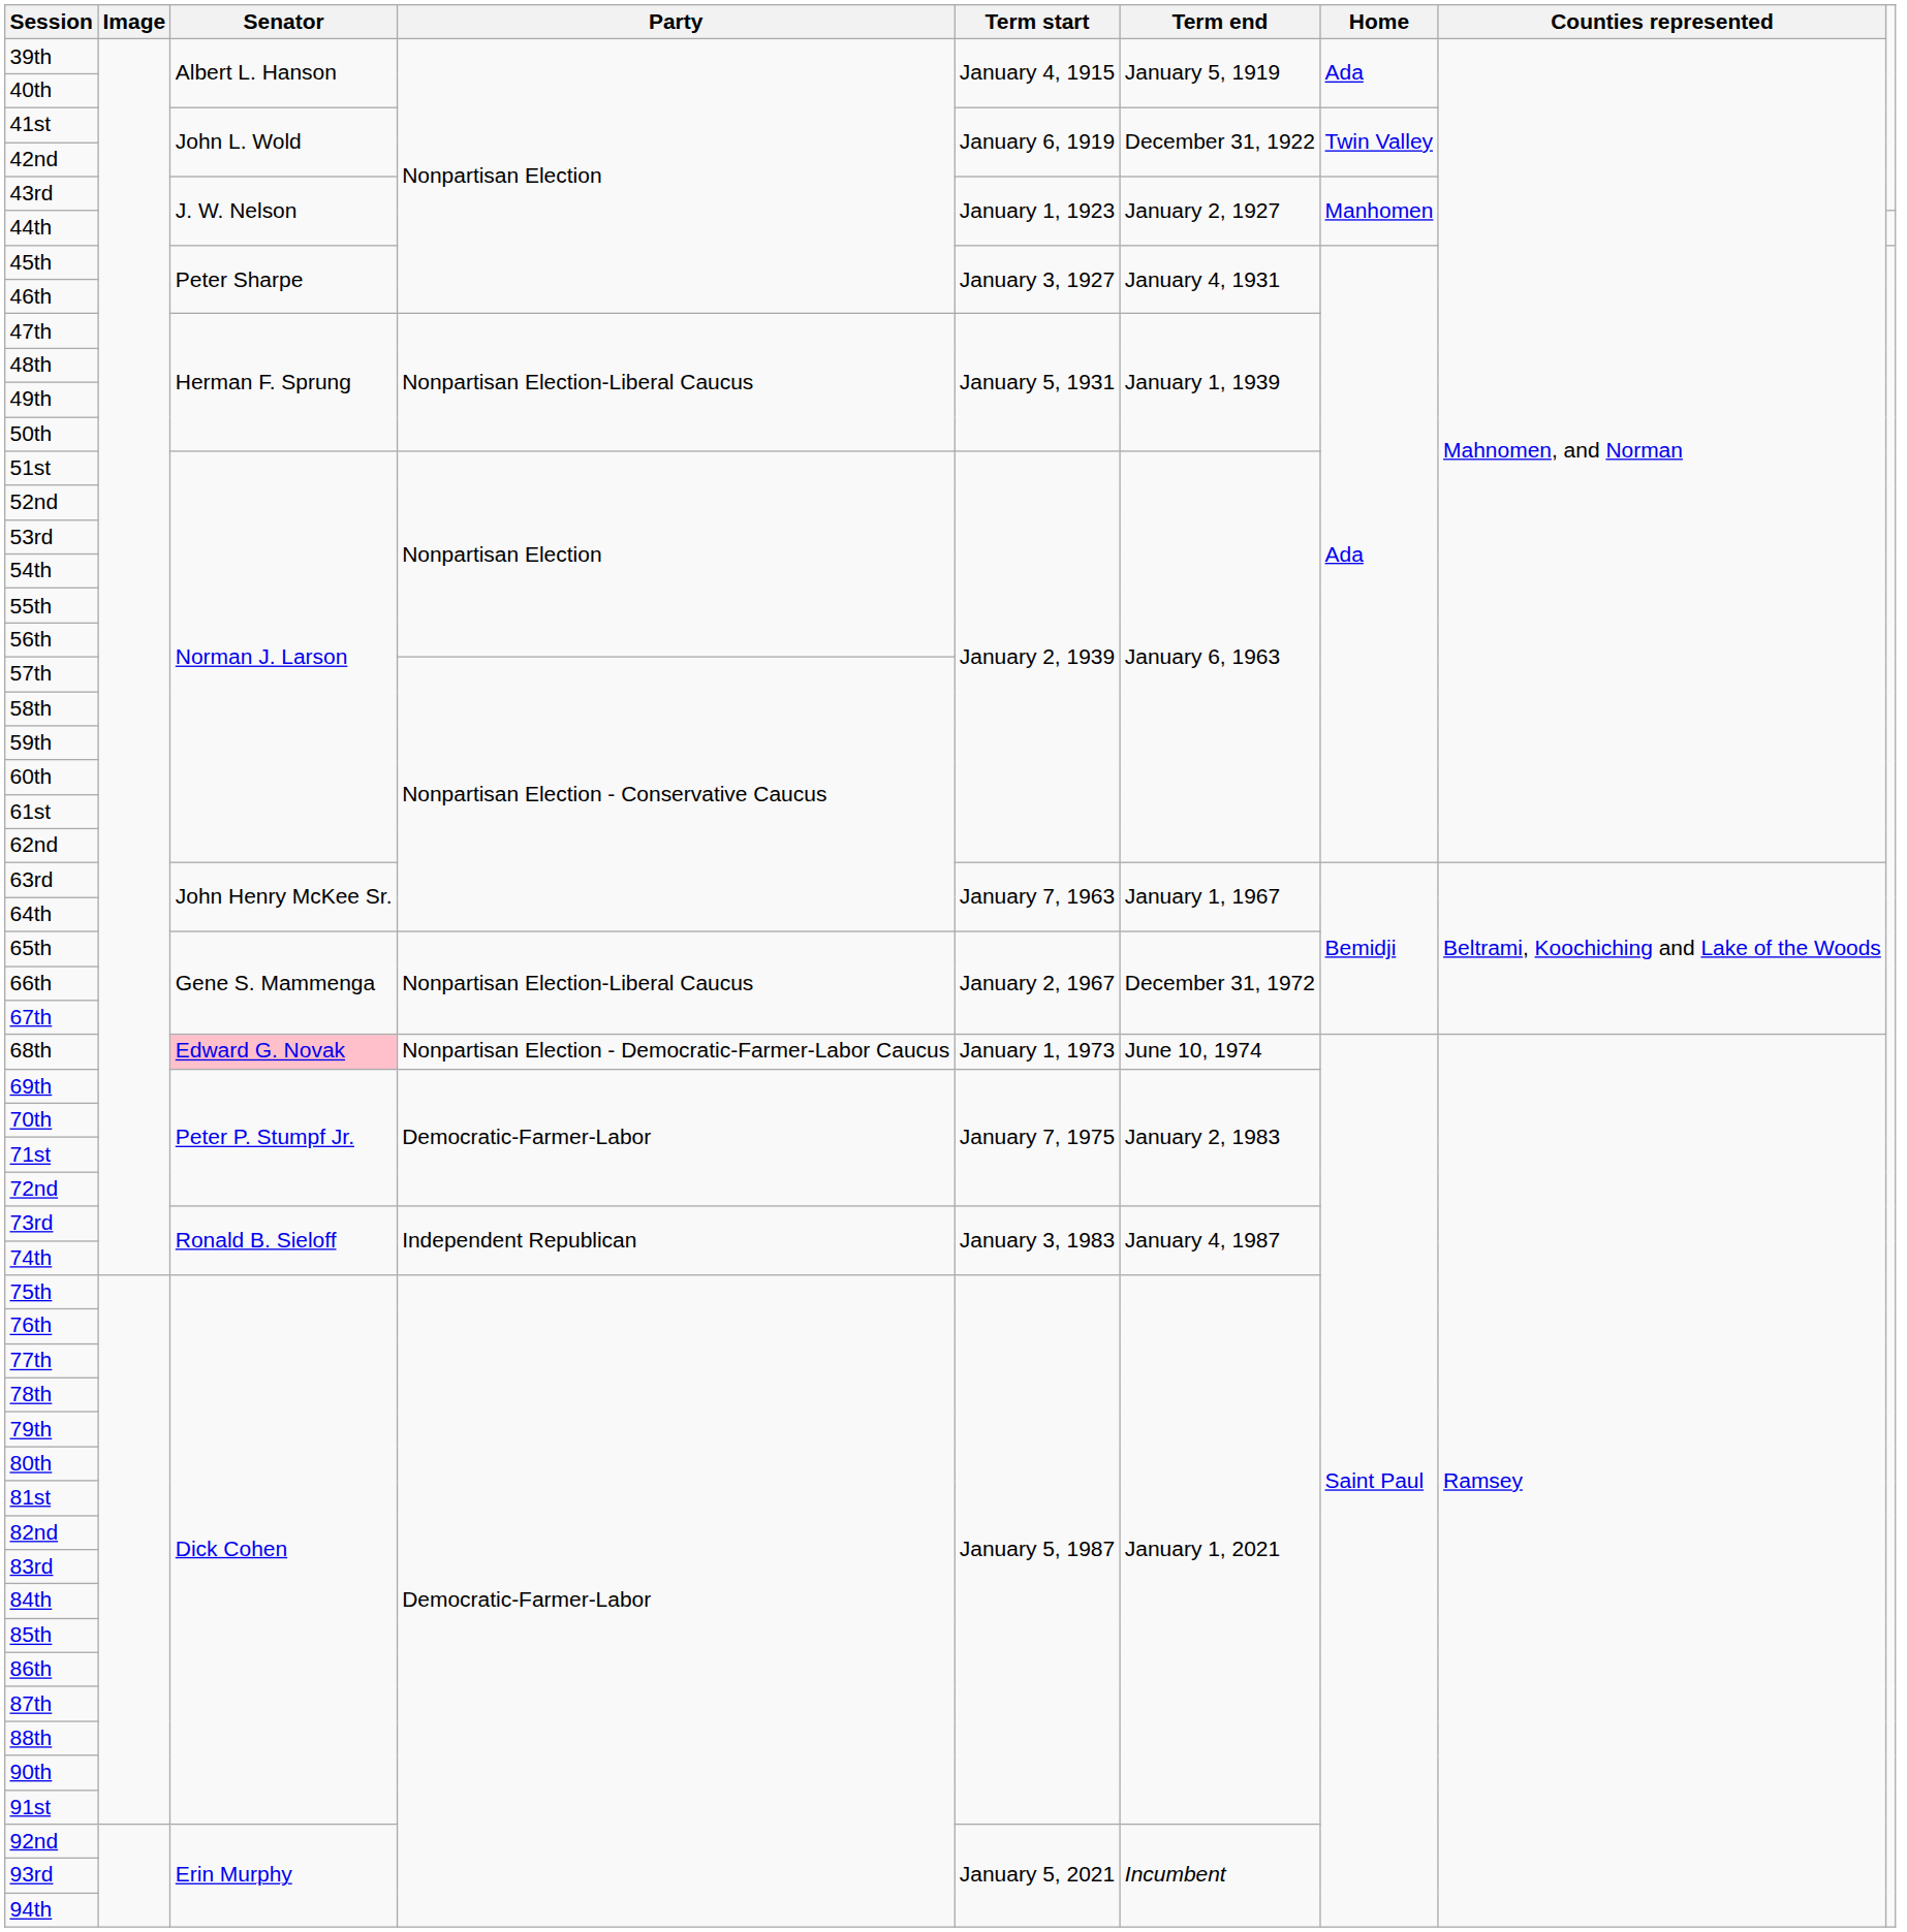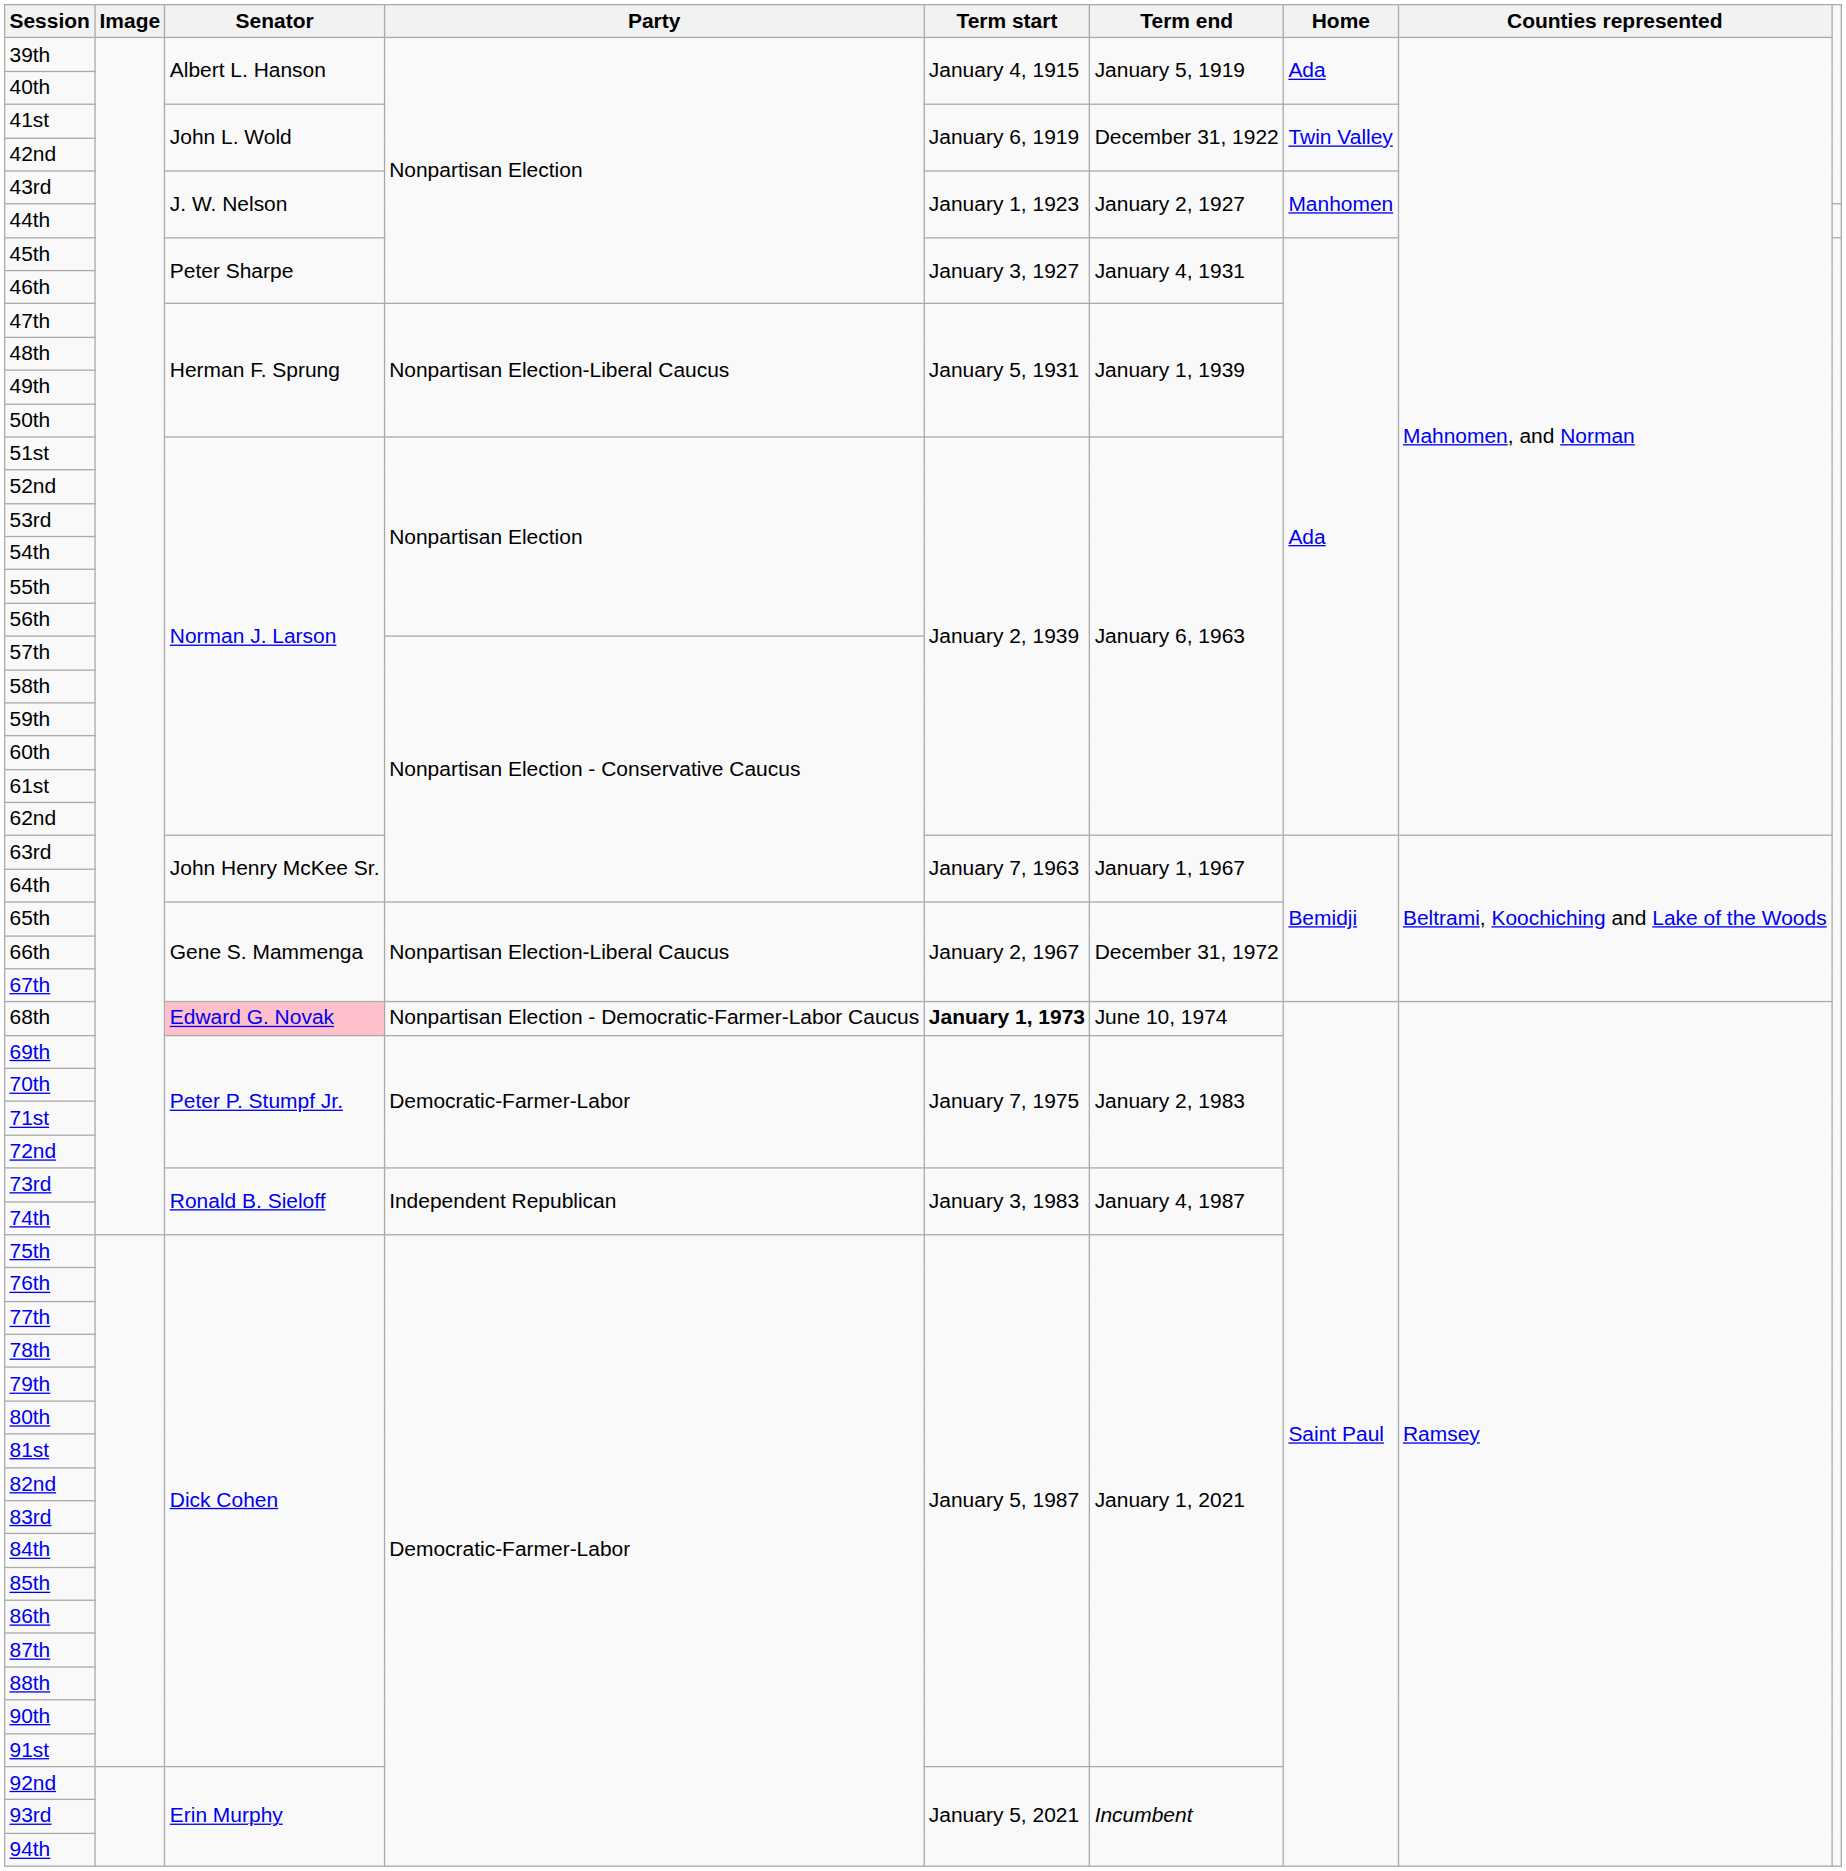 <table role="presentation" class="wikitable mw-collapsible">
 <tr>
 <th>Session</th>
 <th>Image</th>
 <th>Senator</th>
 <th>Party</th>
 <th>Term start</th>
 <th>Term end</th>
 <th>Home</th>
 <th>Counties represented</th>
 </tr>
 <tr>
 <td>39th</td>
 <td rowspan="36"></td>
 <td rowspan="2">Albert L. Hanson</td>
 <td rowspan="8" >Nonpartisan Election</td>
 <td rowspan="2">January 4, 1915</td>
 <td rowspan="2">January 5, 1919</td>
 <td rowspan="2"><a href='#'>Ada</a></td>
 <td rowspan="24"><a href='#'>Mahnomen</a>, and <a href='#'>Norman</a></td>
 </tr>
 <tr>
 <td>40th</td>
 </tr>
 <tr>
 <td>41st</td>
 <td rowspan="2">John L. Wold</td>
 <td rowspan="2">January 6, 1919</td>
 <td rowspan="2">December 31, 1922</td>
 <td rowspan="2"><a href='#'>Twin Valley</a></td>
 </tr>
 <tr>
 <td>42nd</td>
 </tr>
 <tr>
 <td>43rd</td>
 <td rowspan="2">J. W. Nelson</td>
 <td rowspan="2">January 1, 1923</td>
 <td rowspan="2">January 2, 1927</td>
 <td rowspan="2"><a href='#'>Manhomen</a></td>
 </tr>
 <tr>
 <td>44th</td>
 <td></td>
 </tr>
 <tr>
 <td>45th</td>
 <td rowspan="2">Peter Sharpe</td>
 <td rowspan="2">January 3, 1927</td>
 <td rowspan="2">January 4, 1931</td>
 <td rowspan="18"><a href='#'>Ada</a></td>
 </tr>
 <tr>
 <td>46th</td>
 </tr>
 <tr>
 <td>47th</td>
 <td rowspan="4">Herman F. Sprung</td>
 <td rowspan="4" >Nonpartisan Election-Liberal Caucus</td>
 <td rowspan="4">January 5, 1931</td>
 <td rowspan="4">January 1, 1939</td>
 </tr>
 <tr>
 <td>48th</td>
 </tr>
 <tr>
 <td>49th</td>
 </tr>
 <tr>
 <td>50th</td>
 </tr>
 <tr>
 <td>51st</td>
 <td rowspan="12"><a href='#'>Norman J. Larson</a></td>
 <td rowspan="6" >Nonpartisan Election</td>
 <td rowspan="12">January 2, 1939</td>
 <td rowspan="12">January 6, 1963</td>
 </tr>
 <tr>
 <td>52nd</td>
 </tr>
 <tr>
 <td>53rd</td>
 </tr>
 <tr>
 <td>54th</td>
 </tr>
 <tr>
 <td>55th</td>
 </tr>
 <tr>
 <td>56th</td>
 </tr>
 <tr>
 <td>57th</td>
 <td rowspan="8" >Nonpartisan Election - Conservative Caucus</td>
 </tr>
 <tr>
 <td>58th</td>
 </tr>
 <tr>
 <td>59th</td>
 </tr>
 <tr>
 <td>60th</td>
 </tr>
 <tr>
 <td>61st</td>
 </tr>
 <tr>
 <td>62nd</td>
 </tr>
 <tr>
 <td>63rd</td>
 <td rowspan="2">John Henry McKee Sr.</td>
 <td rowspan="2">January 7, 1963</td>
 <td rowspan="2">January 1, 1967</td>
 <td rowspan="5"><a href='#'>Bemidji</a></td>
 <td rowspan="5"><a href='#'>Beltrami</a>, <a href='#'>Koochiching</a> and <a href='#'>Lake of the Woods</a></td>
 </tr>
 <tr>
 <td>64th</td>
 </tr>
 <tr>
 <td>65th</td>
 <td rowspan="3">Gene S. Mammenga</td>
 <td rowspan="3" >Nonpartisan Election-Liberal Caucus</td>
 <td rowspan="3">January 2, 1967</td>
 <td rowspan="3">December 31, 1972</td>
 </tr>
 <tr>
 <td>66th</td>
 </tr>
 <tr>
 <td><a href='#'>67th</a></td>
 </tr>
 <tr>
 <td>68th</td>
 <td style="background: pink;"><a href='#'>Edward G. Novak</a></td>
 <td>Nonpartisan Election - Democratic-Farmer-Labor Caucus</td>
-<td>January 1, 1973</td>
+<td><strong>January 1, 1973</strong></td>
 <td>June 10, 1974</td>
 <td rowspan="27"><a href='#'>Saint Paul</a></td>
 <td rowspan="27"><a href='#'>Ramsey</a></td>
 </tr>
 <tr>
 <td><a href='#'>69th</a></td>
 <td rowspan="4"><a href='#'>Peter P. Stumpf Jr.</a></td>
 <td rowspan="4" >Democratic-Farmer-Labor</td>
 <td rowspan="4">January 7, 1975</td>
 <td rowspan="4">January 2, 1983</td>
 </tr>
 <tr>
 <td><a href='#'>70th</a></td>
 </tr>
 <tr>
 <td><a href='#'>71st</a></td>
 </tr>
 <tr>
 <td><a href='#'>72nd</a></td>
 </tr>
 <tr>
 <td><a href='#'>73rd</a></td>
 <td rowspan="2"><a href='#'>Ronald B. Sieloff</a></td>
 <td rowspan="2" >Independent Republican</td>
 <td rowspan="2">January 3, 1983</td>
 <td rowspan="2">January 4, 1987</td>
 </tr>
 <tr>
 <td><a href='#'>74th</a></td>
 </tr>
 <tr>
 <td><a href='#'>75th</a></td>
 <td rowspan="16"></td>
 <td rowspan="16"><a href='#'>Dick Cohen</a></td>
 <td rowspan="19" >Democratic-Farmer-Labor</td>
 <td rowspan="16">January 5, 1987</td>
 <td rowspan="16">January 1, 2021</td>
 </tr>
 <tr>
 <td><a href='#'>76th</a></td>
 </tr>
 <tr>
 <td><a href='#'>77th</a></td>
 </tr>
 <tr>
 <td><a href='#'>78th</a></td>
 </tr>
 <tr>
 <td><a href='#'>79th</a></td>
 </tr>
 <tr>
 <td><a href='#'>80th</a></td>
 </tr>
 <tr>
 <td><a href='#'>81st</a></td>
 </tr>
 <tr>
 <td><a href='#'>82nd</a></td>
 </tr>
 <tr>
 <td><a href='#'>83rd</a></td>
 </tr>
 <tr>
 <td><a href='#'>84th</a></td>
 </tr>
 <tr>
 <td><a href='#'>85th</a></td>
 </tr>
 <tr>
 <td><a href='#'>86th</a></td>
 </tr>
 <tr>
 <td><a href='#'>87th</a></td>
 </tr>
 <tr>
 <td><a href='#'>88th</a></td>
 </tr>
 <tr>
 <td><a href='#'>90th</a></td>
 </tr>
 <tr>
 <td><a href='#'>91st</a></td>
 </tr>
 <tr>
 <td><a href='#'>92nd</a></td>
 <td rowspan="3"></td>
 <td rowspan="3"><a href='#'>Erin Murphy</a></td>
 <td rowspan="3">January 5, 2021</td>
 <td rowspan="3"><em>Incumbent</em></td>
 </tr>
 <tr>
 <td><a href='#'>93rd</a></td>
 </tr>
 <tr>
 <td><a href='#'>94th</a></td>
 </tr>
 </table>
